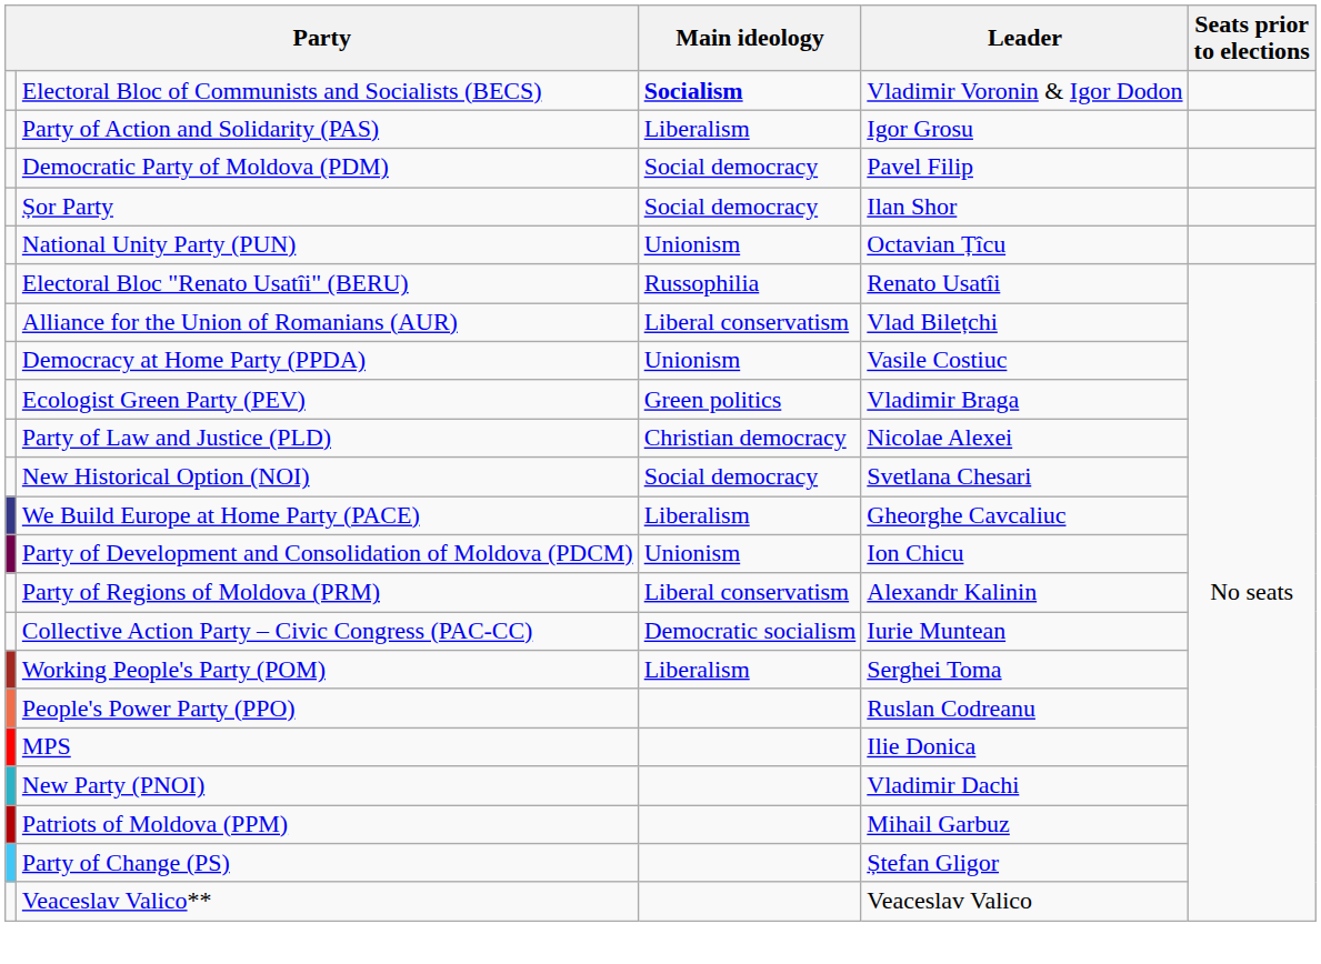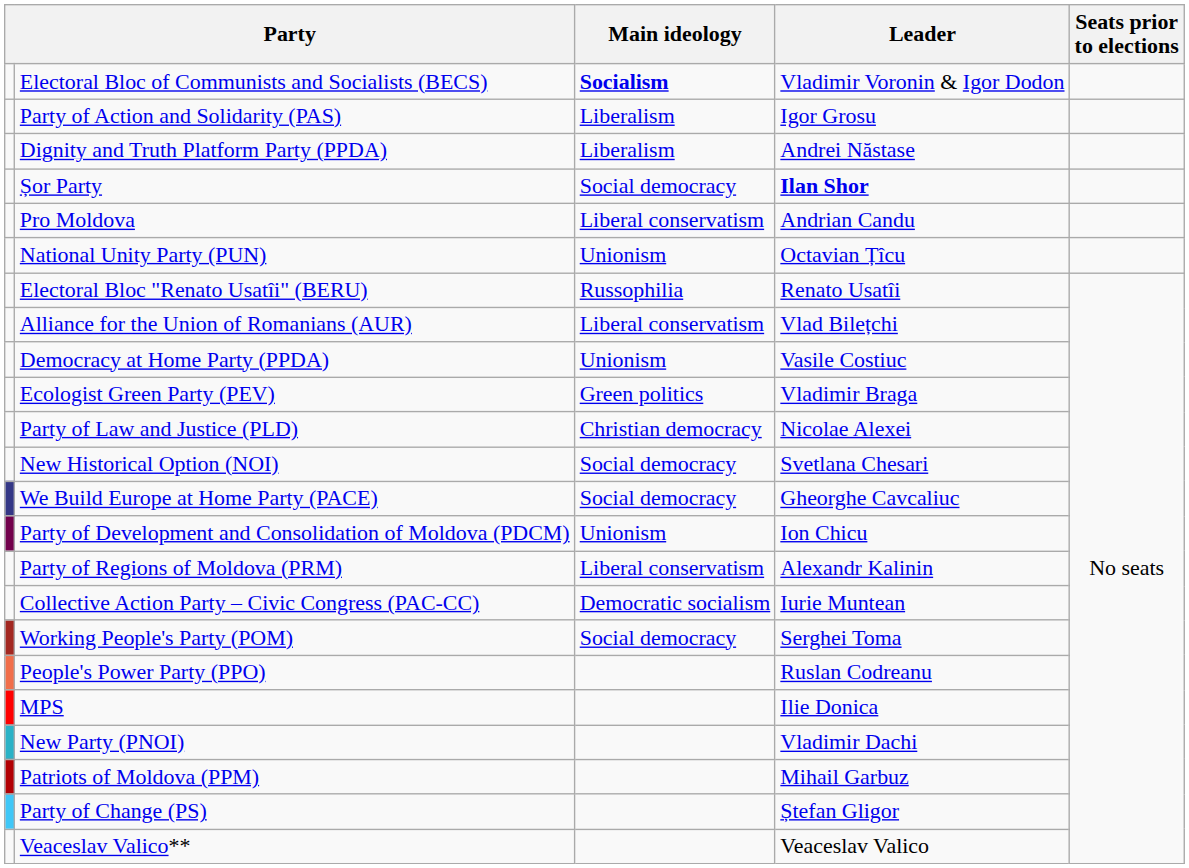 <table class=wikitable style=text-align:left>
 <tr>
 <th colspan=2>Party</th>
 <th>Main ideology</th>
 <th>Leader</th>
 <th>Seats prior<br>to elections</th>
 </tr>
 <tr>
 <td style="background:"></td>
 <td><a href='#'>Electoral Bloc of Communists and Socialists (BECS)</a></td>
 <td><strong><a href='#'>Socialism</a></strong></td>
 <td><a href='#'>Vladimir Voronin</a> & <a href='#'>Igor Dodon</a></td>
 <td></td>
 </tr>
 <tr>
 <td style="background:"></td>
 <td><a href='#'>Party of Action and Solidarity (PAS)</a></td>
 <td><a href='#'>Liberalism</a></td>
 <td><a href='#'>Igor Grosu</a></td>
 <td></td>
 </tr>
 <tr>
 <td style="background:"></td>
-<td><a href='#'>Democratic Party of Moldova (PDM)</a></td>
-<td><a href='#'>Social democracy</a></td>
-<td><a href='#'>Pavel Filip</a></td>
+<td><a href='#'>Dignity and Truth Platform Party (PPDA)</a></td>
+<td><a href='#'>Liberalism</a></td>
+<td><a href='#'>Andrei Năstase</a></td>
 <td></td>
 </tr>
 <tr>
 <td style="background:"></td>
 <td><a href='#'>Șor Party</a></td>
 <td><a href='#'>Social democracy</a></td>
-<td><a href='#'>Ilan Shor</a></td>
+<td><strong><a href='#'>Ilan Shor</a></strong></td>
+<td></td>
+</tr>
+<tr>
+<td style="background:"></td>
+<td><a href='#'>Pro Moldova</a></td>
+<td><a href='#'>Liberal conservatism</a></td>
+<td><a href='#'>Andrian Candu</a></td>
 <td></td>
 </tr>
 <tr>
 <td style="background:"></td>
 <td><a href='#'>National Unity Party (PUN)</a></td>
 <td><a href='#'>Unionism</a></td>
 <td><a href='#'>Octavian Țîcu</a></td>
 <td></td>
 </tr>
 <tr>
 <td style="background:"></td>
 <td><a href='#'>Electoral Bloc "Renato Usatîi" (BERU)</a></td>
 <td><a href='#'>Russophilia</a></td>
 <td><a href='#'>Renato Usatîi</a></td>
 <td rowspan="17" style="text-align:center;">No seats</td>
 </tr>
 <tr>
 <td style="background:"></td>
 <td><a href='#'>Alliance for the Union of Romanians (AUR)</a></td>
 <td><a href='#'>Liberal conservatism</a></td>
 <td><a href='#'>Vlad Bilețchi</a></td>
 </tr>
 <tr>
 <td style="background:"></td>
 <td><a href='#'>Democracy at Home Party (PPDA)</a></td>
 <td><a href='#'>Unionism</a></td>
 <td><a href='#'>Vasile Costiuc</a></td>
 </tr>
 <tr>
 <td style="background:"></td>
 <td><a href='#'>Ecologist Green Party (PEV)</a></td>
 <td><a href='#'>Green politics</a></td>
 <td><a href='#'>Vladimir Braga</a></td>
 </tr>
 <tr>
 <td style="background:"></td>
 <td><a href='#'>Party of Law and Justice (PLD)</a></td>
 <td><a href='#'>Christian democracy</a></td>
 <td><a href='#'>Nicolae Alexei</a></td>
 </tr>
 <tr>
 <td style="background:"></td>
 <td><a href='#'>New Historical Option (NOI)</a></td>
 <td><a href='#'>Social democracy</a></td>
 <td><a href='#'>Svetlana Chesari</a></td>
 </tr>
 <tr>
 <td style="background:#343786"></td>
 <td><a href='#'>We Build Europe at Home Party (PACE)</a></td>
-<td><a href='#'>Liberalism</a></td>
+<td><a href='#'>Social democracy</a></td>
 <td><a href='#'>Gheorghe Cavcaliuc</a></td>
 </tr>
 <tr>
 <td style="background:#71004B"></td>
 <td><a href='#'>Party of Development and Consolidation of Moldova (PDCM)</a></td>
 <td><a href='#'>Unionism</a></td>
 <td><a href='#'>Ion Chicu</a></td>
 </tr>
 <tr>
 <td style="background:"></td>
 <td><a href='#'>Party of Regions of Moldova (PRM)</a></td>
 <td><a href='#'>Liberal conservatism</a></td>
 <td><a href='#'>Alexandr Kalinin</a></td>
 </tr>
 <tr>
 <td style="background:"></td>
 <td><a href='#'>Collective Action Party – Civic Congress (PAC-CC)</a></td>
 <td><a href='#'>Democratic socialism</a></td>
 <td><a href='#'>Iurie Muntean</a></td>
 </tr>
 <tr>
 <td style="background:#A32821"></td>
 <td><a href='#'>Working People's Party (POM)</a></td>
-<td><a href='#'>Liberalism</a></td>
+<td><a href='#'>Social democracy</a></td>
 <td><a href='#'>Serghei Toma</a></td>
 </tr>
 <tr>
 <td style="background:#F16E4A"></td>
 <td><a href='#'>People's Power Party (PPO)</a></td>
 <td></td>
 <td><a href='#'>Ruslan Codreanu</a></td>
 </tr>
 <tr>
 <td style="background:red"></td>
 <td><a href='#'>MPS</a></td>
 <td></td>
 <td><a href='#'>Ilie Donica</a></td>
 </tr>
 <tr>
 <td style="background:#2BB2C6"></td>
 <td><a href='#'>New Party (PNOI)</a></td>
 <td></td>
 <td><a href='#'>Vladimir Dachi</a></td>
 </tr>
 <tr>
 <td style="background:#b20004"></td>
 <td><a href='#'>Patriots of Moldova (PPM)</a></td>
 <td></td>
 <td><a href='#'>Mihail Garbuz</a></td>
 </tr>
 <tr>
 <td style="background:#40C7F7"></td>
 <td><a href='#'>Party of Change (PS)</a></td>
 <td></td>
 <td><a href='#'>Ștefan Gligor</a></td>
 </tr>
 <tr>
 <td></td>
 <td><a href='#'>Veaceslav Valico</a>**</td>
 <td></td>
 <td>Veaceslav Valico</td>
 </tr>
 </table>
